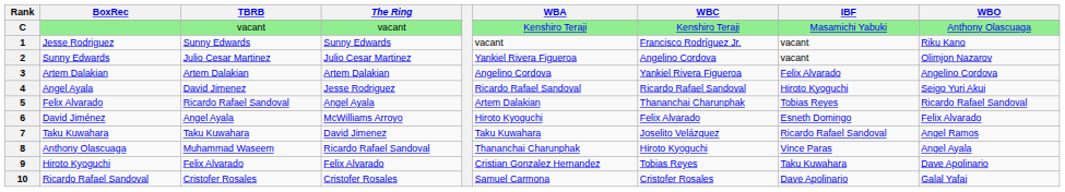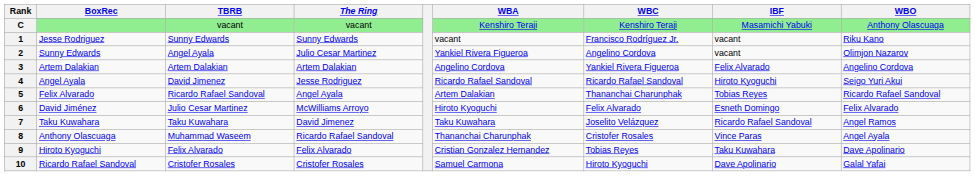 <table class="wikitable" style="text-align:left; font-size:90%; width:100%;">
 <tr>
 <th>Rank</th>
 <th><a href='#'>BoxRec</a></th>
 <th><a href='#'>TBRB</a></th>
 <th><em><a href='#'>The Ring</a></em></th>
 <th rowspan="12" style="width:1%;"></th>
 <th><a href='#'>WBA</a></th>
 <th><a href='#'>WBC</a></th>
 <th><a href='#'>IBF</a></th>
 <th><a href='#'>WBO</a></th>
 </tr>
 <tr style="background:lightgreen;">
 <th scope="row">C</th>
 <td></td>
 <td style="text-align:center;">vacant</td>
 <td style="text-align:center;">vacant</td>
 <td style="text-align:center;"><a href='#'>Kenshiro Teraji</a></td>
 <td style="text-align:center;"><a href='#'>Kenshiro Teraji</a></td>
 <td style="text-align:center;"><a href='#'>Masamichi Yabuki</a></td>
 <td style="text-align:center;"><a href='#'>Anthony Olascuaga</a></td>
 </tr>
 <tr>
 <th scope="row">1</th>
 <td><a href='#'>Jesse Rodriguez</a></td>
 <td><a href='#'>Sunny Edwards</a></td>
 <td><a href='#'>Sunny Edwards</a></td>
 <td>vacant</td>
 <td><a href='#'>Francisco Rodríguez Jr.</a></td>
 <td>vacant</td>
 <td><a href='#'>Riku Kano</a></td>
 </tr>
 <tr>
 <th scope="row">2</th>
 <td><a href='#'>Sunny Edwards</a></td>
-<td><a href='#'>Julio Cesar Martinez</a></td>
+<td><a href='#'>Angel Ayala</a></td>
 <td><a href='#'>Julio Cesar Martinez</a></td>
 <td><a href='#'>Yankiel Rivera Figueroa</a></td>
 <td><a href='#'>Angelino Cordova</a></td>
 <td>vacant</td>
 <td><a href='#'>Olimjon Nazarov</a></td>
 </tr>
 <tr>
 <th scope="row">3</th>
 <td><a href='#'>Artem Dalakian</a></td>
 <td><a href='#'>Artem Dalakian</a></td>
 <td><a href='#'>Artem Dalakian</a></td>
 <td><a href='#'>Angelino Cordova</a></td>
 <td><a href='#'>Yankiel Rivera Figueroa</a></td>
 <td><a href='#'>Felix Alvarado</a></td>
 <td><a href='#'>Angelino Cordova</a></td>
 </tr>
 <tr>
 <th scope="row">4</th>
 <td><a href='#'>Angel Ayala</a></td>
 <td><a href='#'>David Jimenez</a></td>
 <td><a href='#'>Jesse Rodriguez</a></td>
 <td><a href='#'>Ricardo Rafael Sandoval</a></td>
 <td><a href='#'>Ricardo Rafael Sandoval</a></td>
 <td><a href='#'>Hiroto Kyoguchi</a></td>
 <td><a href='#'>Seigo Yuri Akui</a></td>
 </tr>
 <tr>
 <th scope="row">5</th>
 <td><a href='#'>Felix Alvarado</a></td>
 <td><a href='#'>Ricardo Rafael Sandoval</a></td>
 <td><a href='#'>Angel Ayala</a></td>
 <td><a href='#'>Artem Dalakian</a></td>
 <td><a href='#'>Thananchai Charunphak</a></td>
 <td><a href='#'>Tobias Reyes</a></td>
 <td><a href='#'>Ricardo Rafael Sandoval</a></td>
 </tr>
 <tr>
 <th scope="row">6</th>
 <td><a href='#'>David Jiménez</a></td>
-<td><a href='#'>Angel Ayala</a></td>
+<td><a href='#'>Julio Cesar Martinez</a></td>
 <td><a href='#'>McWilliams Arroyo</a></td>
 <td><a href='#'>Hiroto Kyoguchi</a></td>
 <td><a href='#'>Felix Alvarado</a></td>
 <td><a href='#'>Esneth Domingo</a></td>
 <td><a href='#'>Felix Alvarado</a></td>
 </tr>
 <tr>
 <th scope="row">7</th>
 <td><a href='#'>Taku Kuwahara</a></td>
 <td><a href='#'>Taku Kuwahara</a></td>
 <td><a href='#'>David Jimenez</a></td>
 <td><a href='#'>Taku Kuwahara</a></td>
 <td><a href='#'>Joselito Velázquez</a></td>
 <td><a href='#'>Ricardo Rafael Sandoval</a></td>
 <td><a href='#'>Angel Ramos</a></td>
 </tr>
 <tr>
 <th scope="row">8</th>
 <td><a href='#'>Anthony Olascuaga</a></td>
 <td><a href='#'>Muhammad Waseem</a></td>
 <td><a href='#'>Ricardo Rafael Sandoval</a></td>
 <td><a href='#'>Thananchai Charunphak</a></td>
-<td><a href='#'>Hiroto Kyoguchi</a></td>
+<td><a href='#'>Cristofer Rosales</a></td>
 <td><a href='#'>Vince Paras</a></td>
 <td><a href='#'>Angel Ayala</a></td>
 </tr>
 <tr>
 <th scope="row">9</th>
 <td><a href='#'>Hiroto Kyoguchi</a></td>
 <td><a href='#'>Felix Alvarado</a></td>
 <td><a href='#'>Felix Alvarado</a></td>
 <td><a href='#'>Cristian Gonzalez Hernandez</a></td>
 <td><a href='#'>Tobias Reyes</a></td>
 <td><a href='#'>Taku Kuwahara</a></td>
 <td><a href='#'>Dave Apolinario</a></td>
 </tr>
 <tr>
 <th scope="row">10</th>
 <td><a href='#'>Ricardo Rafael Sandoval</a></td>
 <td><a href='#'>Cristofer Rosales</a></td>
 <td><a href='#'>Cristofer Rosales</a></td>
 <td><a href='#'>Samuel Carmona</a></td>
-<td><a href='#'>Cristofer Rosales</a></td>
+<td><a href='#'>Hiroto Kyoguchi</a></td>
 <td><a href='#'>Dave Apolinario</a></td>
 <td><a href='#'>Galal Yafai</a></td>
 </tr>
 </table>
